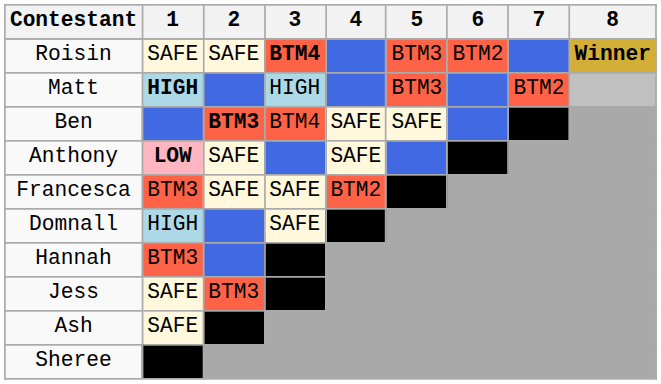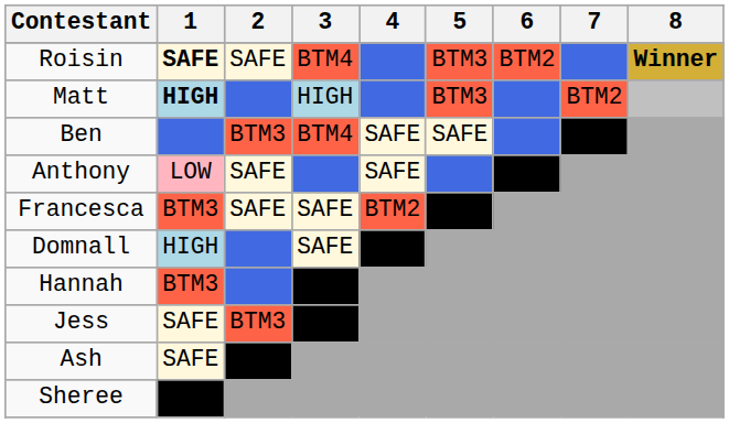 <table class="wikitable" border="2" style="text-align:center;font-size:96%">
 <tr>
 <th>Contestant</th>
 <th>1</th>
 <th>2</th>
 <th>3</th>
 <th>4</th>
 <th>5</th>
 <th>6</th>
 <th>7</th>
 <th>8</th>
 </tr>
 <tr>
 </tr>
 <tr>
 </tr>
 <tr>
 <td>Roisin</td>
+<td style="background:cornsilk;"><strong>SAFE</strong></td>
 <td style="background:cornsilk;">SAFE</td>
-<td style="background:cornsilk;">SAFE</td>
-<td style="background:tomato;"><strong>BTM4</strong></td>
+<td style="background:tomato;">BTM4</td>
 <td style="background:royalblue;”"><strong></strong></td>
 <td style="background:tomato;">BTM3</td>
 <td style="background:tomato;">BTM2</td>
 <td style="background:royalblue;”"><strong></strong></td>
 <td style="background:#D4AF37;" nowrap><strong>Winner</strong></td>
 </tr>
 <tr>
 <td>Matt</td>
 <td style="background:lightblue;"><strong>HIGH</strong></td>
 <td style="background:royalblue;”"><strong></strong></td>
 <td style="background:lightblue;">HIGH</td>
 <td style="background:royalblue;”"><strong></strong></td>
 <td style="background:tomato;">BTM3</td>
 <td style="background:royalblue;”"><strong></strong></td>
 <td style="background:tomato;">BTM2</td>
 <td style="background:silver"><strong></strong></td>
 </tr>
 <tr>
 <td>Ben</td>
 <td style="background:royalblue;”"><strong></strong></td>
-<td style="background:tomato;"><strong>BTM3</strong></td>
+<td style="background:tomato;">BTM3</td>
 <td style="background:tomato;">BTM4</td>
 <td style="background:cornsilk;">SAFE</td>
 <td style="background:cornsilk;">SAFE</td>
 <td style="background:royalblue;”"><strong></strong></td>
 <td style="background:black;"><strong></strong></td>
 <td colspan="10" style="background:darkgrey;"></td>
 </tr>
 <tr>
 <td>Anthony</td>
-<td style="background:lightpink;"><strong>LOW</strong></td>
+<td style="background:lightpink;">LOW</td>
 <td style="background:cornsilk;">SAFE</td>
 <td style="background:royalblue;”"><strong></strong></td>
 <td style="background:cornsilk;">SAFE</td>
 <td style="background:royalblue;”"><strong></strong></td>
 <td style="background:black;"><strong></strong></td>
 <td colspan="10" style="background:darkgrey;"></td>
 </tr>
 <tr>
 <td>Francesca</td>
 <td style="background:tomato;">BTM3</td>
 <td style="background:cornsilk;">SAFE</td>
 <td style="background:cornsilk;">SAFE</td>
 <td style="background:tomato;">BTM2</td>
 <td style="background:black;"><strong></strong></td>
 <td colspan="10" style="background:darkgrey;"></td>
 </tr>
 <tr>
 <td>Domnall</td>
 <td style="background:lightblue;">HIGH</td>
 <td style="background:royalblue;”"><strong></strong></td>
 <td style="background:cornsilk;">SAFE</td>
 <td style="background:black;"><strong></strong></td>
 <td colspan="10" style="background:darkgrey;"></td>
 </tr>
 <tr>
 <td>Hannah</td>
 <td style="background:tomato;">BTM3</td>
 <td style="background:royalblue;”"><strong></strong></td>
 <td style="background:black;"><strong></strong></td>
 <td colspan="10" style="background:darkgrey;"></td>
 </tr>
 <tr>
 <td>Jess</td>
 <td style="background:cornsilk;">SAFE</td>
 <td style="background:tomato;">BTM3</td>
 <td style="background:black;"><strong></strong></td>
 <td colspan="10" style="background:darkgrey;"></td>
 </tr>
 <tr>
 <td>Ash</td>
 <td style="background:cornsilk;">SAFE</td>
 <td style="background:black;"><strong></strong></td>
 <td colspan="10" style="background:darkgrey;"></td>
 </tr>
 <tr>
 <td>Sheree</td>
 <td style="background:black;"><strong></strong></td>
 <td colspan="10" style="background:darkgrey;"></td>
 </tr>
 </table>
